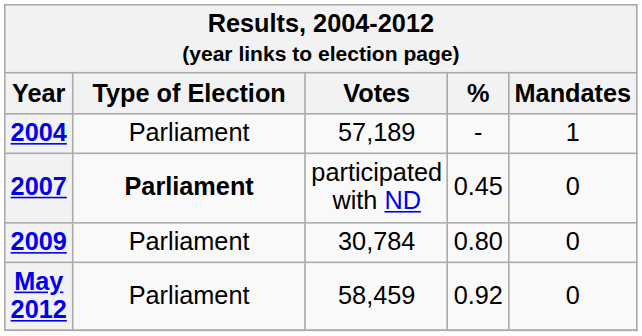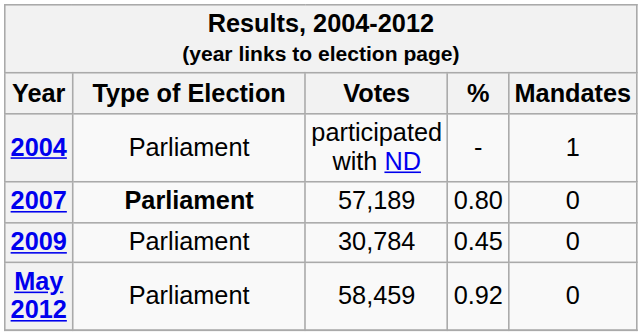 <table class="wikitable">
 <tr>
 <th colspan="9"><strong>Results, 2004-2012<br><small>(year links to election page)</small></strong></th>
 </tr>
 <tr>
 <th style="width: 20px">Year</th>
 <th style="width:140px">Type of Election</th>
 <th style="width: 60px">Votes</th>
 <th style="width: 20px">%</th>
 <th style="width: 20px">Mandates</th>
 </tr>
 <tr>
 <th><a href='#'>2004</a></th>
 <td style="text-align:center">Parliament</td>
-<td style="text-align:center">57,189</td>
+<td style="text-align:center">participated with <a href='#'>ND</a></td>
 <td style="text-align:center">-</td>
 <td style="text-align:center">1</td>
 </tr>
 <tr>
 <th><a href='#'>2007</a></th>
 <td style="text-align:center"><strong>Parliament</strong></td>
-<td style="text-align:center">participated with <a href='#'>ND</a></td>
-<td style="text-align:center">0.45</td>
+<td style="text-align:center">57,189</td>
+<td style="text-align:center">0.80</td>
 <td style="text-align:center">0</td>
 </tr>
 <tr>
 <th><a href='#'>2009</a></th>
 <td style="text-align:center">Parliament</td>
 <td style="text-align:center">30,784</td>
-<td style="text-align:center">0.80</td>
+<td style="text-align:center">0.45</td>
 <td style="text-align:center">0</td>
 </tr>
 <tr>
 <th><a href='#'>May 2012</a></th>
 <td style="text-align:center">Parliament</td>
 <td style="text-align:center">58,459</td>
 <td style="text-align:center">0.92</td>
 <td style="text-align:center">0</td>
 </tr>
 <tr>
 </tr>
 </table>
